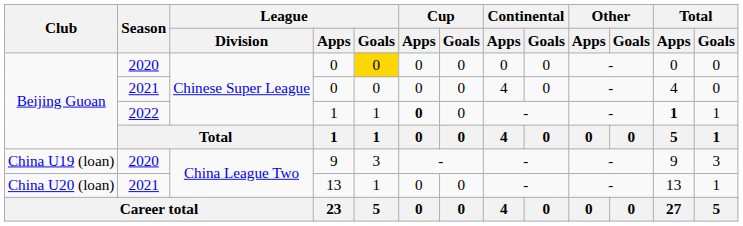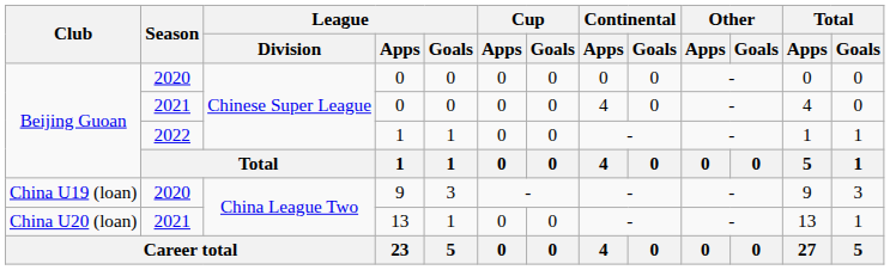 <table class="wikitable" style="text-align: center">
 <tr>
 <th rowspan="2">Club</th>
 <th rowspan="2">Season</th>
 <th colspan="3">League</th>
 <th colspan="2">Cup</th>
 <th colspan="2">Continental</th>
 <th colspan="2">Other</th>
 <th colspan="2">Total</th>
 </tr>
 <tr>
 <th>Division</th>
 <th>Apps</th>
 <th>Goals</th>
 <th>Apps</th>
 <th>Goals</th>
 <th>Apps</th>
 <th>Goals</th>
 <th>Apps</th>
 <th>Goals</th>
 <th>Apps</th>
 <th>Goals</th>
 </tr>
 <tr>
 <td rowspan="4"><a href='#'>Beijing Guoan</a></td>
 <td><a href='#'>2020</a></td>
 <td rowspan="3"><a href='#'>Chinese Super League</a></td>
 <td>0</td>
-<td style="background: gold;">0</td>
+<td>0</td>
 <td>0</td>
 <td>0</td>
 <td>0</td>
 <td>0</td>
 <td colspan="2">-</td>
 <td>0</td>
 <td>0</td>
 </tr>
 <tr>
 <td><a href='#'>2021</a></td>
 <td>0</td>
 <td>0</td>
 <td>0</td>
 <td>0</td>
 <td>4</td>
 <td>0</td>
 <td colspan="2">-</td>
 <td>4</td>
 <td>0</td>
 </tr>
 <tr>
 <td><a href='#'>2022</a></td>
 <td>1</td>
 <td>1</td>
-<td><strong>0</strong></td>
+<td>0</td>
 <td>0</td>
 <td colspan="2">-</td>
 <td colspan="2">-</td>
-<td><strong>1</strong></td>
+<td>1</td>
 <td>1</td>
 </tr>
 <tr>
 <th colspan=2>Total</th>
 <th>1</th>
 <th>1</th>
 <th>0</th>
 <th>0</th>
 <th>4</th>
 <th>0</th>
 <th>0</th>
 <th>0</th>
 <th>5</th>
 <th>1</th>
 </tr>
 <tr>
 <td><a href='#'>China U19</a> (loan)</td>
 <td><a href='#'>2020</a></td>
 <td rowspan=2><a href='#'>China League Two</a></td>
 <td>9</td>
 <td>3</td>
 <td colspan="2">-</td>
 <td colspan="2">-</td>
 <td colspan="2">-</td>
 <td>9</td>
 <td>3</td>
 </tr>
 <tr>
 <td><a href='#'>China U20</a> (loan)</td>
 <td><a href='#'>2021</a></td>
 <td>13</td>
 <td>1</td>
 <td>0</td>
 <td>0</td>
 <td colspan="2">-</td>
 <td colspan="2">-</td>
 <td>13</td>
 <td>1</td>
 </tr>
 <tr>
 <th colspan=3>Career total</th>
 <th>23</th>
 <th>5</th>
 <th>0</th>
 <th>0</th>
 <th>4</th>
 <th>0</th>
 <th>0</th>
 <th>0</th>
 <th>27</th>
 <th>5</th>
 </tr>
 </table>
